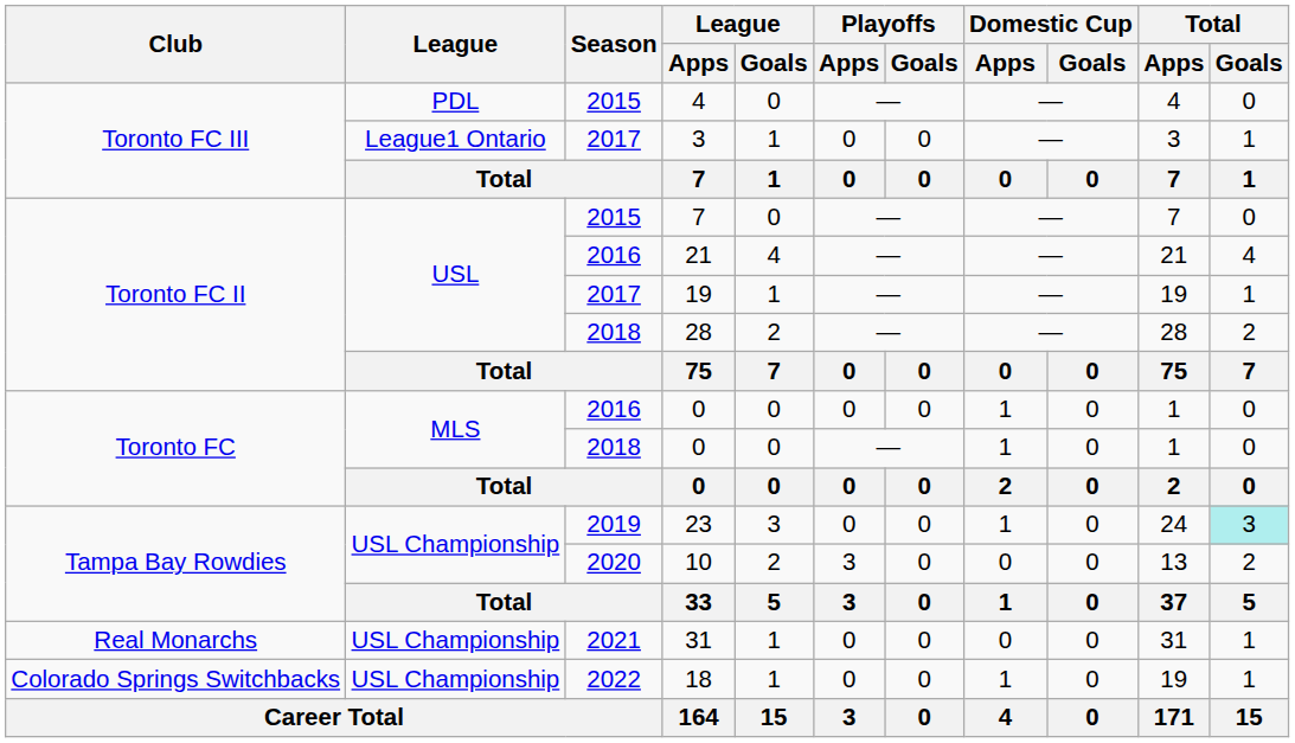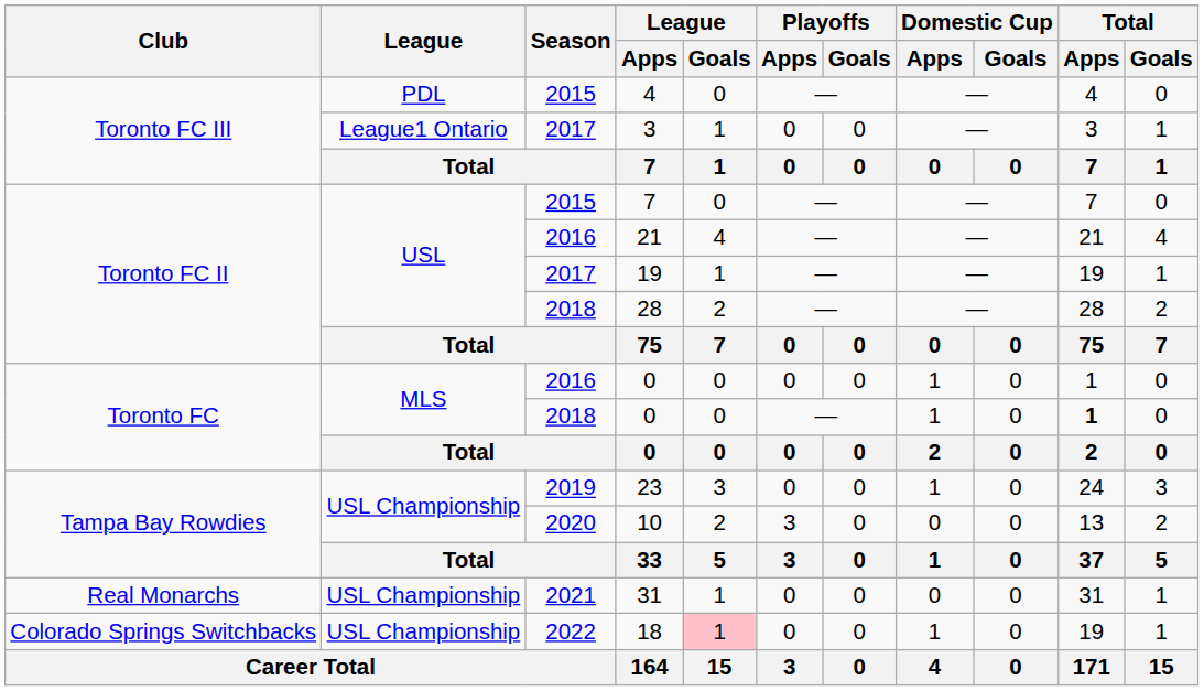 <table class="wikitable" style="text-align: center;">
 <tr>
 <th rowspan="2">Club</th>
 <th rowspan="2">League</th>
 <th rowspan="2">Season</th>
 <th colspan="2">League</th>
 <th colspan="2">Playoffs</th>
 <th colspan="2">Domestic Cup</th>
 <th colspan="2">Total</th>
 </tr>
 <tr>
 <th>Apps</th>
 <th>Goals</th>
 <th>Apps</th>
 <th>Goals</th>
 <th>Apps</th>
 <th>Goals</th>
 <th>Apps</th>
 <th>Goals</th>
 </tr>
 <tr>
 <td rowspan="3"><a href='#'>Toronto FC III</a></td>
 <td><a href='#'>PDL</a></td>
 <td><a href='#'>2015</a></td>
 <td>4</td>
 <td>0</td>
 <td colspan="2">—</td>
 <td colspan="2">—</td>
 <td>4</td>
 <td>0</td>
 </tr>
 <tr>
 <td><a href='#'>League1 Ontario</a></td>
 <td><a href='#'>2017</a></td>
 <td>3</td>
 <td>1</td>
 <td>0</td>
 <td>0</td>
 <td colspan="2">—</td>
 <td>3</td>
 <td>1</td>
 </tr>
 <tr>
 <th colspan="2">Total</th>
 <th>7</th>
 <th>1</th>
 <th>0</th>
 <th>0</th>
 <th>0</th>
 <th>0</th>
 <th>7</th>
 <th>1</th>
 </tr>
 <tr>
 <td rowspan="5"><a href='#'>Toronto FC II</a></td>
 <td rowspan="4"><a href='#'>USL</a></td>
 <td><a href='#'>2015</a></td>
 <td>7</td>
 <td>0</td>
 <td colspan="2">—</td>
 <td colspan="2">—</td>
 <td>7</td>
 <td>0</td>
 </tr>
 <tr>
 <td><a href='#'>2016</a></td>
 <td>21</td>
 <td>4</td>
 <td colspan="2">—</td>
 <td colspan="2">—</td>
 <td>21</td>
 <td>4</td>
 </tr>
 <tr>
 <td><a href='#'>2017</a></td>
 <td>19</td>
 <td>1</td>
 <td colspan="2">—</td>
 <td colspan="2">—</td>
 <td>19</td>
 <td>1</td>
 </tr>
 <tr>
 <td><a href='#'>2018</a></td>
 <td>28</td>
 <td>2</td>
 <td colspan="2">—</td>
 <td colspan="2">—</td>
 <td>28</td>
 <td>2</td>
 </tr>
 <tr>
 <th colspan="2">Total</th>
 <th>75</th>
 <th>7</th>
 <th>0</th>
 <th>0</th>
 <th>0</th>
 <th>0</th>
 <th>75</th>
 <th>7</th>
 </tr>
 <tr>
 <td rowspan="3"><a href='#'>Toronto FC</a></td>
 <td rowspan="2"><a href='#'>MLS</a></td>
 <td><a href='#'>2016</a></td>
 <td>0</td>
 <td>0</td>
 <td>0</td>
 <td>0</td>
 <td>1</td>
 <td>0</td>
 <td>1</td>
 <td>0</td>
 </tr>
 <tr>
 <td><a href='#'>2018</a></td>
 <td>0</td>
 <td>0</td>
 <td colspan="2">—</td>
 <td>1</td>
 <td>0</td>
-<td>1</td>
+<td><strong>1</strong></td>
 <td>0</td>
 </tr>
 <tr>
 <th colspan="2">Total</th>
 <th>0</th>
 <th>0</th>
 <th>0</th>
 <th>0</th>
 <th>2</th>
 <th>0</th>
 <th>2</th>
 <th>0</th>
 </tr>
 <tr>
 <td rowspan="3"><a href='#'>Tampa Bay Rowdies</a></td>
 <td rowspan="2"><a href='#'>USL Championship</a></td>
 <td><a href='#'>2019</a></td>
 <td>23</td>
 <td>3</td>
 <td>0</td>
 <td>0</td>
 <td>1</td>
 <td>0</td>
 <td>24</td>
-<td style="background: paleturquoise;">3</td>
+<td>3</td>
 </tr>
 <tr>
 <td><a href='#'>2020</a></td>
 <td>10</td>
 <td>2</td>
 <td>3</td>
 <td>0</td>
 <td>0</td>
 <td>0</td>
 <td>13</td>
 <td>2</td>
 </tr>
 <tr>
 <th colspan="2">Total</th>
 <th>33</th>
 <th>5</th>
 <th>3</th>
 <th>0</th>
 <th>1</th>
 <th>0</th>
 <th>37</th>
 <th>5</th>
 </tr>
 <tr>
 <td><a href='#'>Real Monarchs</a></td>
 <td><a href='#'>USL Championship</a></td>
 <td><a href='#'>2021</a></td>
 <td>31</td>
 <td>1</td>
 <td>0</td>
 <td>0</td>
 <td>0</td>
 <td>0</td>
 <td>31</td>
 <td>1</td>
 </tr>
 <tr>
 <td><a href='#'>Colorado Springs Switchbacks</a></td>
 <td><a href='#'>USL Championship</a></td>
 <td><a href='#'>2022</a></td>
 <td>18</td>
-<td>1</td>
+<td style="background: pink;">1</td>
 <td>0</td>
 <td>0</td>
 <td>1</td>
 <td>0</td>
 <td>19</td>
 <td>1</td>
 </tr>
 <tr>
 <th colspan="3">Career Total</th>
 <th>164</th>
 <th>15</th>
 <th>3</th>
 <th>0</th>
 <th>4</th>
 <th>0</th>
 <th>171</th>
 <th>15</th>
 </tr>
 </table>
